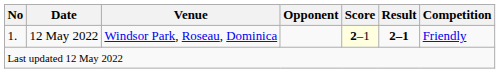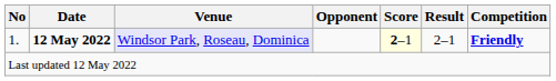 <table class="wikitable" style="font-size:85%;">
 <tr>
 <th>No</th>
 <th>Date</th>
 <th>Venue</th>
 <th>Opponent</th>
 <th>Score</th>
 <th>Result</th>
 <th>Competition</th>
 </tr>
 <tr>
 <td>1.</td>
-<td>12 May 2022</td>
-<td><a href='#'>Windsor Park</a>, <a href='#'>Roseau</a>, <a href='#'>Dominica</a></td>
+<td><strong>12 May 2022</strong></td>
+<td style="background: lavender;"><a href='#'>Windsor Park</a>, <a href='#'>Roseau</a>, <a href='#'>Dominica</a></td>
 <td></td>
 <td align=center style="background: lightyellow;"><strong>2</strong>–1</td>
-<td align=center><strong>2–1</strong></td>
-<td><a href='#'>Friendly</a></td>
+<td align=center>2–1</td>
+<td><strong><a href='#'>Friendly</a></strong></td>
 </tr>
 <tr>
 <td colspan="7"><small>Last updated 12 May 2022</small></td>
 </tr>
 </table>
